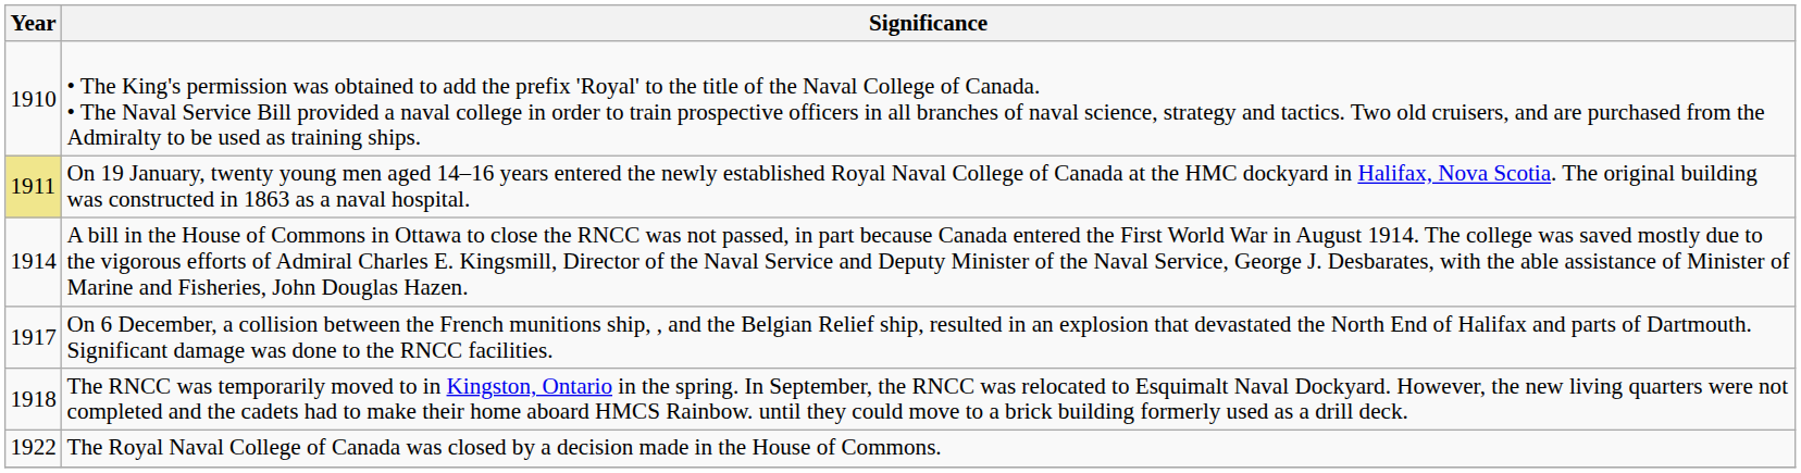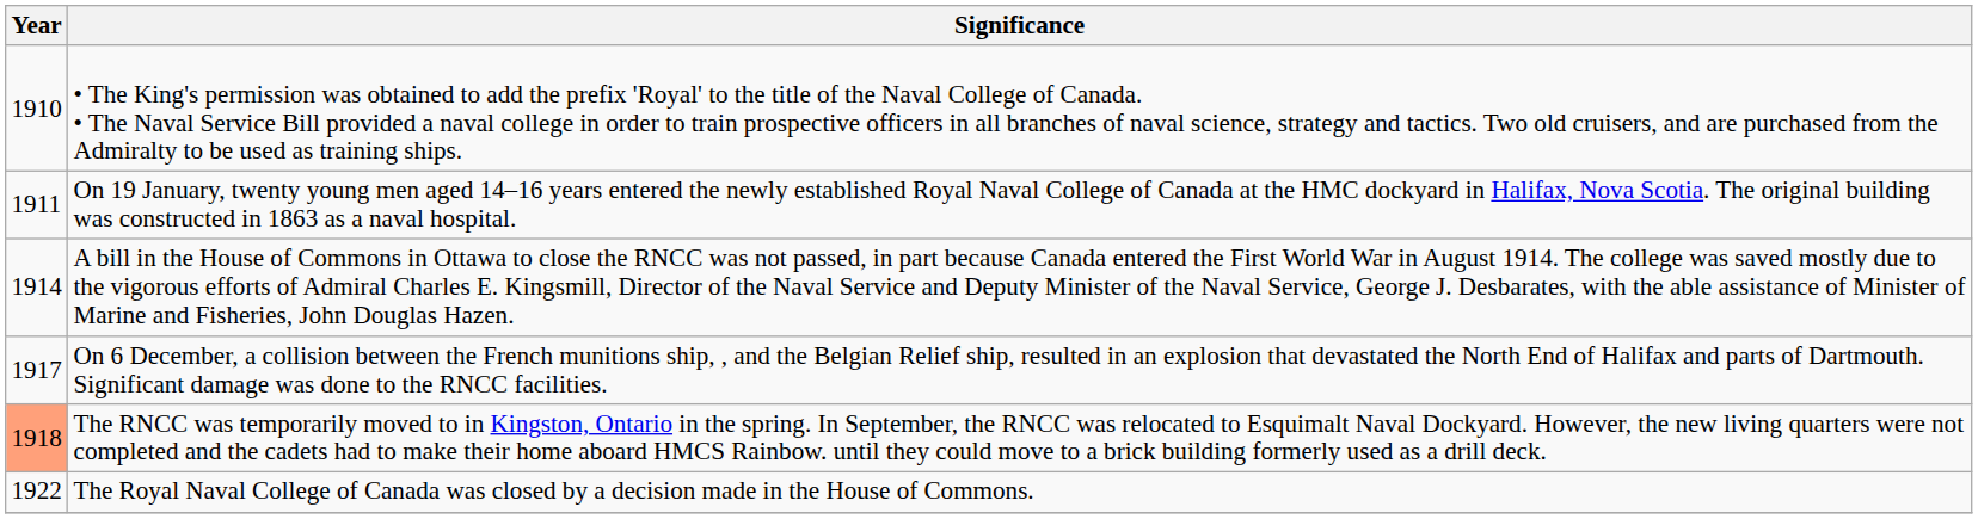 <table class="wikitable">
 <tr>
 <th>Year</th>
 <th>Significance</th>
 </tr>
 <tr>
 <td>1910</td>
 <td><br>• The King's permission was obtained to add the prefix 'Royal' to the title of the Naval College of Canada.<br>• The Naval Service Bill provided a naval college in order to train prospective officers in all branches of naval science, strategy and tactics. Two old cruisers,  and  are purchased from the Admiralty to be used as training ships.</td>
 </tr>
 <tr>
-<td style="background: khaki;">1911</td>
+<td>1911</td>
 <td>On 19 January, twenty young men aged 14–16 years entered the newly established Royal Naval College of Canada at the HMC dockyard in <a href='#'>Halifax, Nova Scotia</a>. The original building was constructed in 1863 as a naval hospital.</td>
 </tr>
 <tr>
 <td>1914</td>
 <td>A bill in the House of Commons in Ottawa to close the RNCC was not passed, in part because Canada entered the First World War in August 1914. The college was saved mostly due to the vigorous efforts of Admiral Charles E. Kingsmill, Director of the Naval Service and Deputy Minister of the Naval Service, George J. Desbarates, with the able assistance of Minister of Marine and Fisheries, John Douglas Hazen.</td>
 </tr>
 <tr>
 <td>1917</td>
 <td>On 6 December, a collision between the French munitions ship, , and the Belgian Relief ship,  resulted in an explosion that devastated the North End of Halifax and parts of Dartmouth. Significant damage was done to the RNCC facilities.</td>
 </tr>
 <tr>
-<td>1918</td>
+<td style="background: lightsalmon;">1918</td>
 <td>The RNCC was temporarily moved to  in <a href='#'>Kingston, Ontario</a> in the spring. In September, the RNCC was relocated to Esquimalt Naval Dockyard. However, the new living quarters were not completed and the cadets had to make their home aboard HMCS Rainbow. until they could move to a brick building formerly used as a drill deck.</td>
 </tr>
 <tr>
 <td>1922</td>
 <td>The Royal Naval College of Canada was closed by a decision made in the House of Commons.</td>
 </tr>
 <tr>
 </tr>
 </table>
